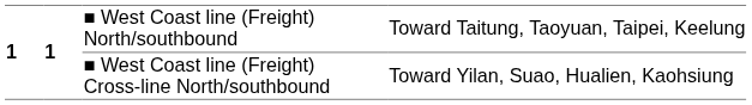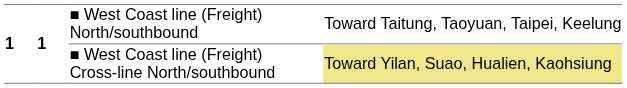 <table border=0 cellspacing=0 cellpadding=1>
 <tr>
 <td width=30 style="border-top:solid 1px gray; border-bottom:solid 1px gray;" rowspan=2><strong>1</strong></td>
 <td width=30 style="border-top:solid 1px gray; border-bottom:solid 1px gray;" rowspan=2><span><strong>1</strong></span></td>
 <td width=250 style="border-top:solid 1px gray; border-bottom:solid 1px gray;"><span>■</span> West Coast line (Freight)<br>North/southbound</td>
 <td style="border-bottom:solid 1px gray;border-top:solid 1px gray;">Toward Taitung, Taoyuan, Taipei, Keelung</td>
 </tr>
 <tr>
 <td style="border-bottom:solid 1px gray;"><span>■</span> West Coast line (Freight)<br>Cross-line North/southbound</td>
-<td style="border-bottom:solid 1px gray;">Toward Yilan, Suao, Hualien, Kaohsiung</td>
+<td style="background: khaki; border-bottom:solid 1px gray;">Toward Yilan, Suao, Hualien, Kaohsiung</td>
 </tr>
 </table>
